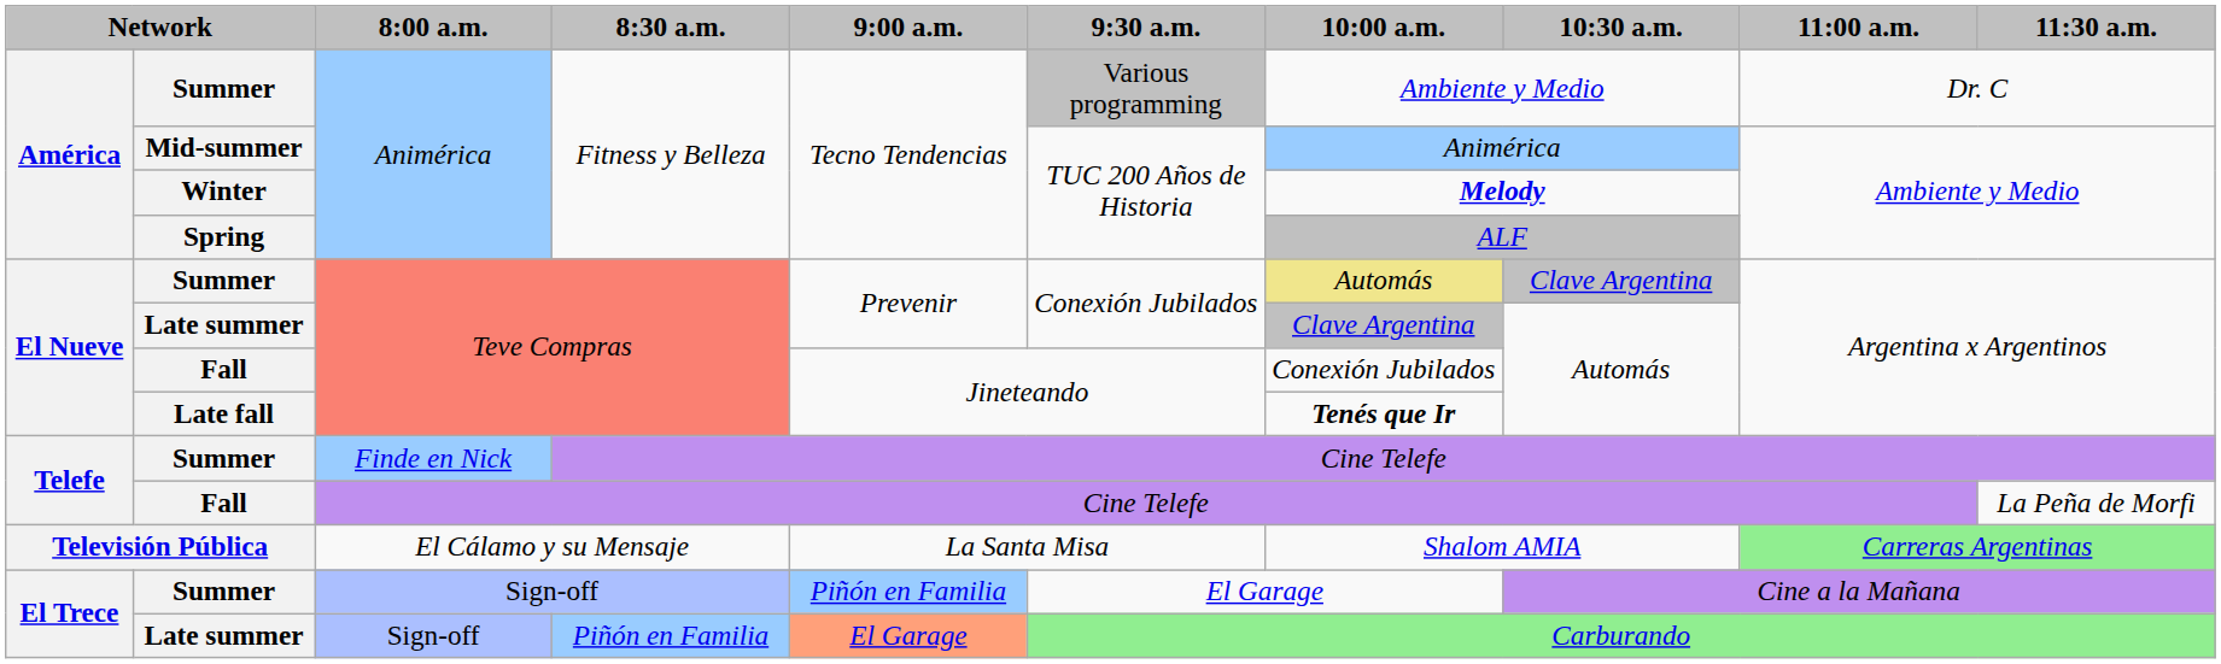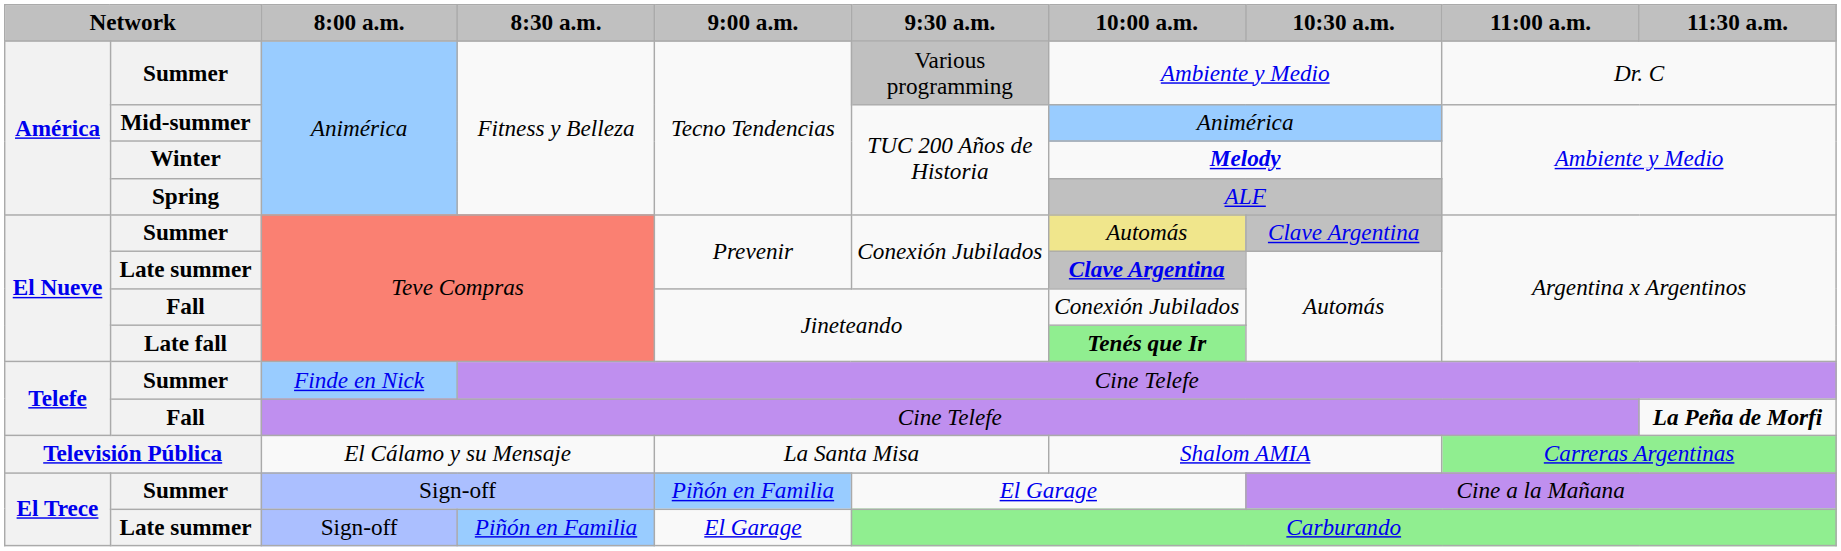 <table class="wikitable" style="width:100%;margin-right:0;text-align:center">
 <tr>
 <th colspan="2" style="background-color:#C0C0C0;width:13%;">Network</th>
 <th style="background-color:#C0C0C0;text-align:center;width:10%;">8:00 a.m.</th>
 <th style="background-color:#C0C0C0;text-align:center;width:10%;">8:30 a.m.</th>
 <th style="background-color:#C0C0C0;text-align:center;width:10%;">9:00 a.m.</th>
 <th style="background-color:#C0C0C0;text-align:center;width:10%;">9:30 a.m.</th>
 <th style="background-color:#C0C0C0;text-align:center;width:10%;">10:00 a.m.</th>
 <th style="background-color:#C0C0C0;text-align:center;width:10%;">10:30 a.m.</th>
 <th style="background-color:#C0C0C0;text-align:center;width:10%;">11:00 a.m.</th>
 <th style="background-color:#C0C0C0;text-align:center;width:10%;">11:30 a.m.</th>
 </tr>
 <tr>
 <th rowspan="4"><a href='#'>América</a></th>
 <th>Summer</th>
 <td style="background:#99ccff;" rowspan="4"><em>Animérica</em></td>
 <td rowspan="4"><em>Fitness y Belleza</em><br></td>
 <td rowspan="4"><em>Tecno Tendencias</em></td>
 <td style="background:#C0C0C0;">Various programming</td>
 <td colspan="2"><em><a href='#'>Ambiente y Medio</a></em></td>
 <td colspan="2"><em>Dr. C</em></td>
 </tr>
 <tr>
 <th>Mid-summer</th>
 <td rowspan="3"><em>TUC 200 Años de Historia</em></td>
 <td style="background:#99ccff;" colspan="2"><em>Animérica</em></td>
 <td colspan="2" rowspan="3"><em><a href='#'>Ambiente y Medio</a></em></td>
 </tr>
 <tr>
 <th>Winter</th>
 <td colspan="2"><strong><em><a href='#'>Melody</a></em></strong></td>
 </tr>
 <tr>
 <th>Spring</th>
 <td style="background:#C0C0C0;" colspan="2"><em><a href='#'>ALF</a></em> </td>
 </tr>
 <tr>
 <th rowspan="4"><a href='#'>El Nueve</a></th>
 <th>Summer</th>
 <td style="background:#FA8072;" colspan="2" rowspan="4"><em>Teve Compras</em> </td>
 <td rowspan="2"><em>Prevenir</em></td>
 <td rowspan="2"><em>Conexión Jubilados</em></td>
 <td style="background: khaki;"><em>Automás</em></td>
 <td style="background:#C0C0C0;"><em><a href='#'>Clave Argentina</a></em> </td>
 <td colspan="2" rowspan="4"><em>Argentina x Argentinos</em></td>
 </tr>
 <tr>
 <th>Late summer</th>
-<td style="background:#C0C0C0;"><em><a href='#'>Clave Argentina</a></em> </td>
+<td style="background:#C0C0C0;"><strong><em><a href='#'>Clave Argentina</a></em> </strong></td>
 <td rowspan="3"><em>Automás</em></td>
 </tr>
 <tr>
 <th>Fall</th>
 <td colspan="2" rowspan="2"><em>Jineteando</em></td>
 <td><em>Conexión Jubilados</em></td>
 </tr>
 <tr>
 <th>Late fall</th>
-<td><strong><em>Tenés que Ir</em></strong></td>
+<td style="background: lightgreen;"><strong><em>Tenés que Ir</em></strong></td>
 </tr>
 <tr>
 <th rowspan="2"><a href='#'>Telefe</a></th>
 <th>Summer</th>
 <td style="background:#99ccff;"><em><a href='#'>Finde en Nick</a></em><br></td>
 <td style="background:#bf8fef;" colspan="7"><em>Cine Telefe</em></td>
 </tr>
 <tr>
 <th>Fall</th>
 <td style="background:#bf8fef;" colspan="7"><em>Cine Telefe</em></td>
-<td><em>La Peña de Morfi</em><br></td>
+<td><strong><em>La Peña de Morfi</em><br></strong></td>
 </tr>
 <tr>
 <th colspan="2"><a href='#'>Televisión Pública</a></th>
 <td colspan="2"><em>El Cálamo y su Mensaje</em></td>
 <td colspan="2"><em>La Santa Misa</em></td>
 <td colspan="2"><em><a href='#'>Shalom AMIA</a></em></td>
 <td style="background:lightgreen;" colspan="2"><em><a href='#'>Carreras Argentinas</a></em> </td>
 </tr>
 <tr>
 <th rowspan="2"><a href='#'>El Trece</a></th>
 <th>Summer</th>
 <td style="background:#abbfff;" colspan="2">Sign-off</td>
 <td style="background:#99ccff;"><em><a href='#'>Piñón en Familia</a></em><br></td>
 <td colspan="2"><em><a href='#'>El Garage</a></em>  </td>
 <td style="background:#bf8fef;" colspan="3"><em>Cine a la Mañana</em></td>
 </tr>
 <tr>
 <th>Late summer</th>
 <td style="background:#abbfff;">Sign-off</td>
 <td style="background:#99ccff;"><em><a href='#'>Piñón en Familia</a></em></td>
-<td style="background: lightsalmon;"><em><a href='#'>El Garage</a></em>  </td>
+<td><em><a href='#'>El Garage</a></em>  </td>
 <td style="background:lightgreen;" colspan="5"><em><a href='#'>Carburando</a></em></td>
 </tr>
 </table>
